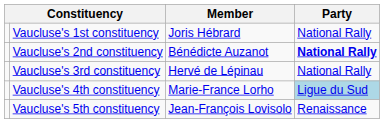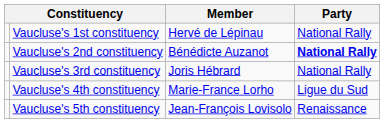 <table class="wikitable">
 <tr>
 <th colspan="2">Constituency</th>
 <th>Member</th>
 <th>Party</th>
 </tr>
 <tr>
 <td style="background-color: "></td>
 <td><a href='#'>Vaucluse's 1st constituency</a></td>
-<td><a href='#'>Joris Hébrard</a></td>
+<td><a href='#'>Hervé de Lépinau</a></td>
 <td><a href='#'>National Rally</a></td>
 </tr>
 <tr>
 <td style="background-color: "></td>
 <td><a href='#'>Vaucluse's 2nd constituency</a></td>
 <td><a href='#'>Bénédicte Auzanot</a></td>
 <td><strong><a href='#'>National Rally</a></strong></td>
 </tr>
 <tr>
 <td style="background-color: "></td>
 <td><a href='#'>Vaucluse's 3rd constituency</a></td>
-<td><a href='#'>Hervé de Lépinau</a></td>
+<td><a href='#'>Joris Hébrard</a></td>
 <td><a href='#'>National Rally</a></td>
 </tr>
 <tr>
 <td style="background-color: "></td>
 <td><a href='#'>Vaucluse's 4th constituency</a></td>
 <td><a href='#'>Marie-France Lorho</a></td>
-<td style="background: lightblue;"><a href='#'>Ligue du Sud</a></td>
+<td><a href='#'>Ligue du Sud</a></td>
 </tr>
 <tr>
 <td style="background-color: "></td>
 <td><a href='#'>Vaucluse's 5th constituency</a></td>
 <td><a href='#'>Jean-François Lovisolo</a></td>
 <td><a href='#'>Renaissance</a></td>
 </tr>
 </table>
